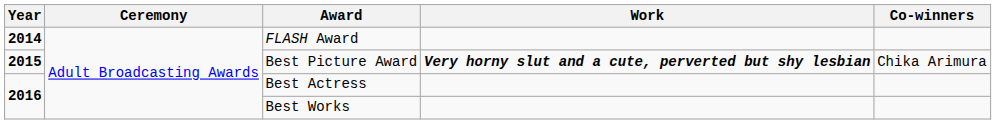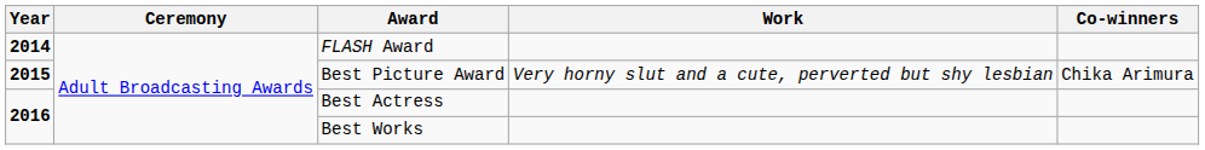 <table class="wikitable">
 <tr>
 <th>Year</th>
 <th>Ceremony</th>
 <th>Award</th>
 <th>Work</th>
 <th>Co-winners</th>
 </tr>
 <tr>
 <td><strong>2014</strong></td>
 <td rowspan="4"><a href='#'>Adult Broadcasting Awards</a></td>
 <td><em>FLASH</em> Award</td>
 <td></td>
 <td></td>
 </tr>
 <tr>
 <td><strong>2015</strong></td>
 <td>Best Picture Award</td>
-<td><strong><em>Very horny slut and a cute, perverted but shy lesbian</em></strong></td>
+<td><em>Very horny slut and a cute, perverted but shy lesbian</em></td>
 <td>Chika Arimura</td>
 </tr>
 <tr>
 <td rowspan="2"><strong>2016</strong></td>
 <td>Best Actress</td>
 <td></td>
 <td></td>
 </tr>
 <tr>
 <td>Best Works</td>
 <td></td>
 <td></td>
 </tr>
 </table>
